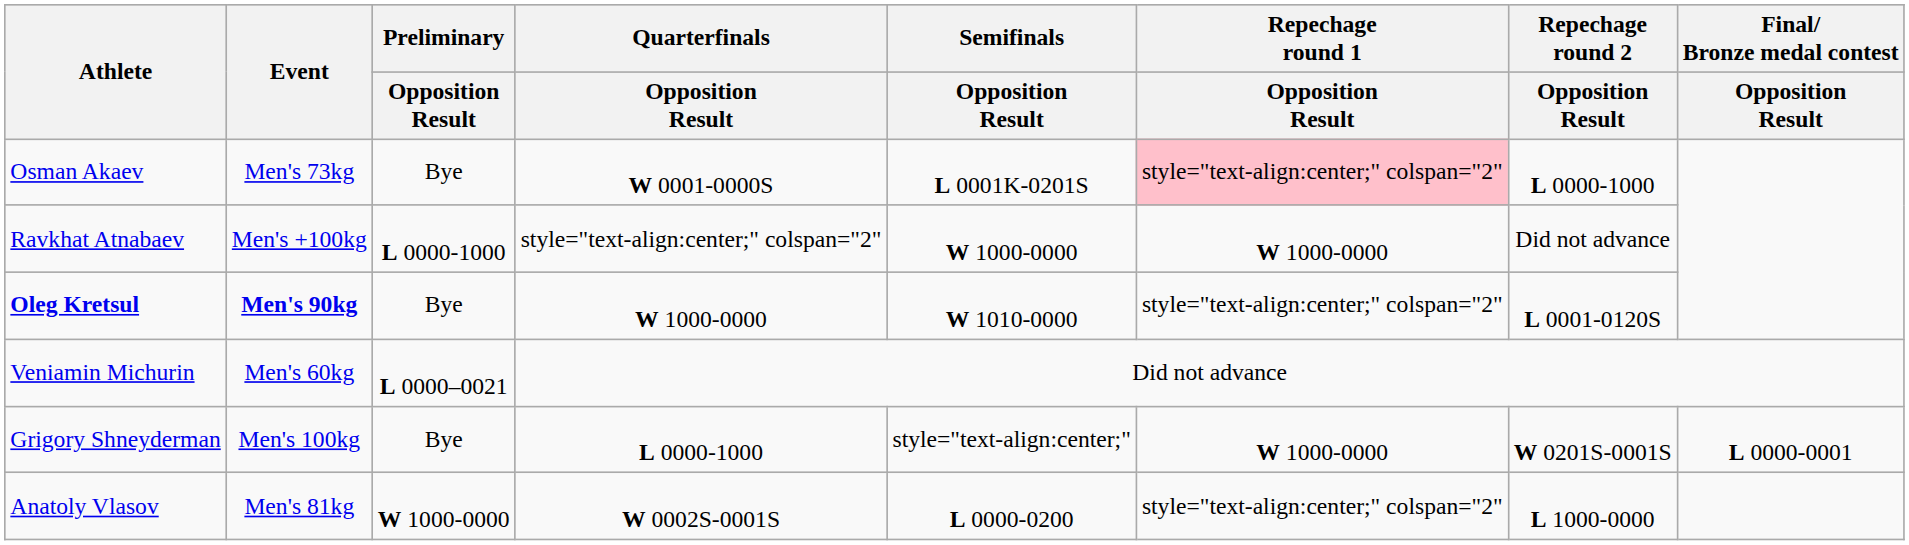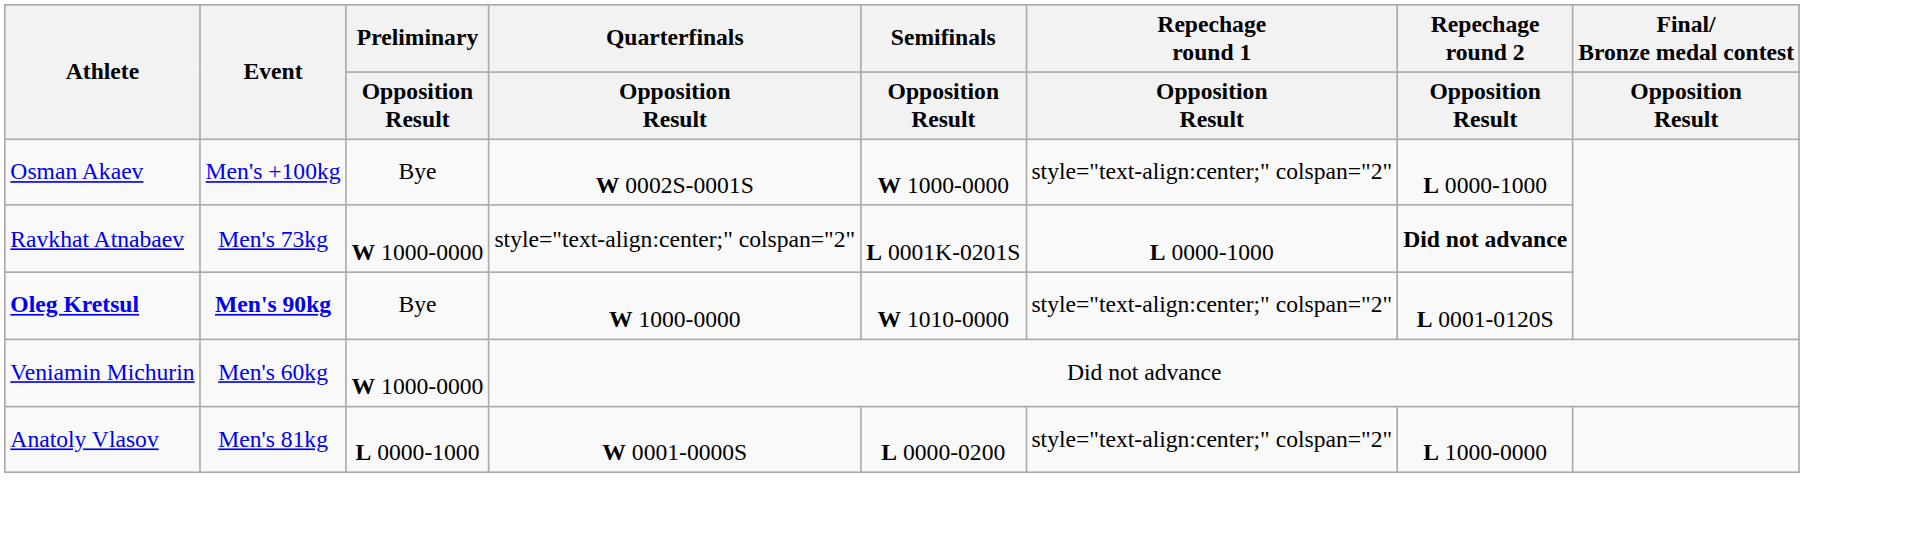 <table class=wikitable style="font-size:90%">
 <tr>
 <th rowspan="2">Athlete</th>
 <th rowspan="2">Event</th>
 <th>Preliminary</th>
 <th>Quarterfinals</th>
 <th>Semifinals</th>
 <th>Repechage <br>round 1</th>
 <th>Repechage <br>round 2</th>
 <th>Final/<br>Bronze medal contest</th>
 </tr>
 <tr>
 <th>Opposition<br>Result</th>
 <th>Opposition<br>Result</th>
 <th>Opposition<br>Result</th>
 <th>Opposition<br>Result</th>
 <th>Opposition<br>Result</th>
 <th>Opposition<br>Result</th>
 </tr>
 <tr>
 <td><a href='#'>Osman Akaev</a></td>
-<td style="text-align:center;"><a href='#'>Men's 73kg</a></td>
+<td style="text-align:center;"><a href='#'>Men's +100kg</a></td>
 <td style="text-align:center;">Bye</td>
-<td style="text-align:center;"><br> <strong>W</strong> 0001-0000S</td>
-<td style="text-align:center;"><br> <strong>L</strong> 0001K-0201S</td>
-<td style="background: pink;">style="text-align:center;" colspan="2" </td>
+<td style="text-align:center;"><br> <strong>W</strong> 0002S-0001S</td>
+<td style="text-align:center;"><br> <strong>W</strong> 1000-0000</td>
+<td>style="text-align:center;" colspan="2" </td>
 <td style="text-align:center;"><br> <strong>L</strong> 0000-1000</td>
 </tr>
 <tr>
 <td><a href='#'>Ravkhat Atnabaev</a></td>
-<td style="text-align:center;"><a href='#'>Men's +100kg</a></td>
+<td style="text-align:center;"><a href='#'>Men's 73kg</a></td>
+<td style="text-align:center;"><br> <strong>W</strong> 1000-0000</td>
+<td>style="text-align:center;" colspan="2" </td>
+<td style="text-align:center;"><br> <strong>L</strong> 0001K-0201S</td>
 <td style="text-align:center;"><br> <strong>L</strong> 0000-1000</td>
-<td>style="text-align:center;" colspan="2" </td>
-<td style="text-align:center;"><br> <strong>W</strong> 1000-0000</td>
-<td style="text-align:center;"><br> <strong>W</strong> 1000-0000</td>
-<td style="text-align:center;">Did not advance</td>
+<td style="text-align:center;"><strong>Did not advance</strong></td>
 </tr>
 <tr>
 <td><strong><a href='#'>Oleg Kretsul</a></strong></td>
 <td style="text-align:center;"><strong><a href='#'>Men's 90kg</a></strong></td>
 <td style="text-align:center;">Bye</td>
 <td style="text-align:center;"><br> <strong>W</strong> 1000-0000</td>
 <td style="text-align:center;"><br> <strong>W</strong> 1010-0000</td>
 <td>style="text-align:center;" colspan="2" </td>
 <td style="text-align:center;"><br> <strong>L</strong> 0001-0120S </td>
 </tr>
 <tr>
 <td><a href='#'>Veniamin Michurin</a></td>
 <td style="text-align:center;"><a href='#'>Men's 60kg</a></td>
-<td style="text-align:center;"><br> <strong>L</strong> 0000–0021</td>
+<td style="text-align:center;"><br> <strong>W</strong> 1000-0000</td>
 <td style="text-align:center;" colspan="5">Did not advance</td>
-</tr>
-<tr>
-<td><a href='#'>Grigory Shneyderman</a></td>
-<td style="text-align:center;"><a href='#'>Men's 100kg</a></td>
-<td style="text-align:center;">Bye</td>
-<td style="text-align:center;"><br> <strong>L</strong> 0000-1000</td>
-<td>style="text-align:center;" </td>
-<td style="text-align:center;"><br> <strong>W</strong> 1000-0000</td>
-<td style="text-align:center;"><br> <strong>W</strong> 0201S-0001S</td>
-<td style="text-align:center;"><br> <strong>L</strong> 0000-0001</td>
 </tr>
 <tr>
 <td><a href='#'>Anatoly Vlasov</a></td>
 <td style="text-align:center;"><a href='#'>Men's 81kg</a></td>
-<td style="text-align:center;"><br> <strong>W</strong> 1000-0000</td>
-<td style="text-align:center;"><br> <strong>W</strong> 0002S-0001S</td>
+<td style="text-align:center;"><br> <strong>L</strong> 0000-1000</td>
+<td style="text-align:center;"><br> <strong>W</strong> 0001-0000S</td>
 <td style="text-align:center;"><br> <strong>L</strong> 0000-0200</td>
 <td>style="text-align:center;" colspan="2" </td>
 <td style="text-align:center;"><br> <strong>L</strong> 1000-0000</td>
 </tr>
 </table>
